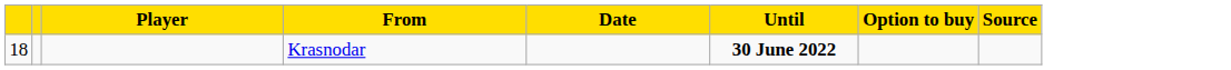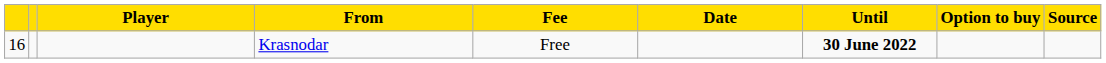 <table class="wikitable sortable">
 <tr>
 <th style="background:#FFDE00"></th>
 <th style="background:#FFDE00"></th>
 <th width=200 style="background:#FFDE00">Player</th>
 <th width=200 style="background:#FFDE00">From</th>
+<th width=150 style="background:#FFDE00">Fee</th>
 <th width=150 style="background:#FFDE00">Date</th>
 <th width=120 style="background:#FFDE00">Until</th>
 <th style="background:#FFDE00">Option to buy</th>
 <th style="background:#FFDE00">Source</th>
 </tr>
 <tr>
-<td align=center>18</td>
+<td align=center>16</td>
 <td align=center></td>
 <td></td>
 <td> <a href='#'>Krasnodar</a></td>
+<td align=center>Free</td>
 <td align=center></td>
 <td align=center><strong>30 June 2022</strong></td>
 <td align=center></td>
 <td align=center></td>
 </tr>
 </table>
